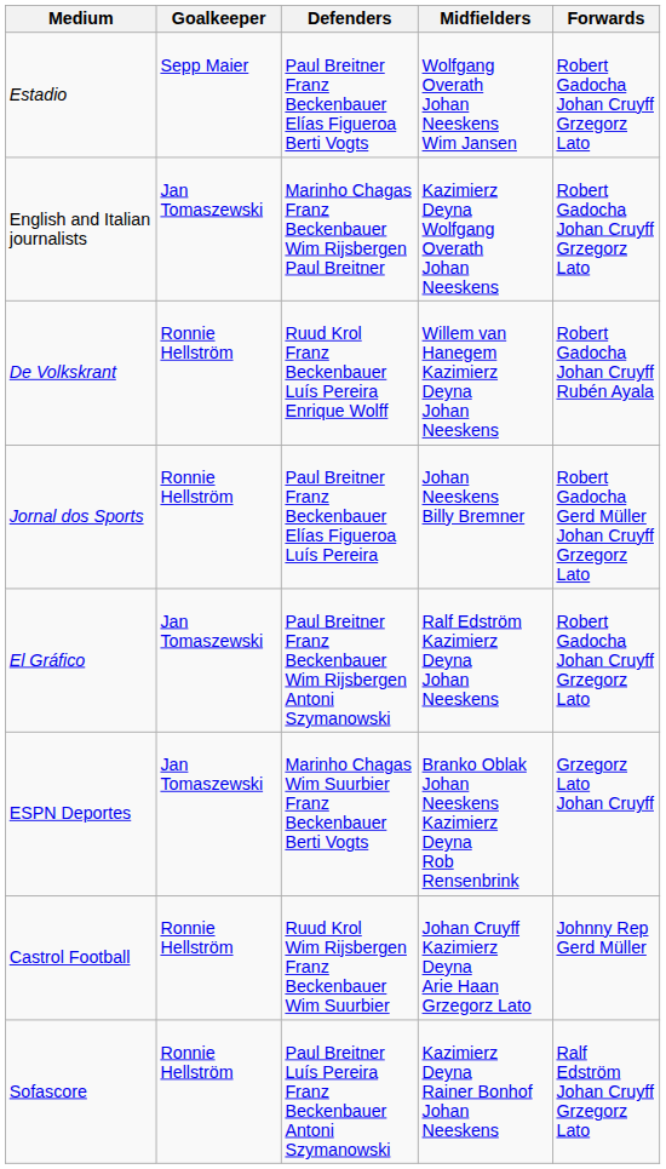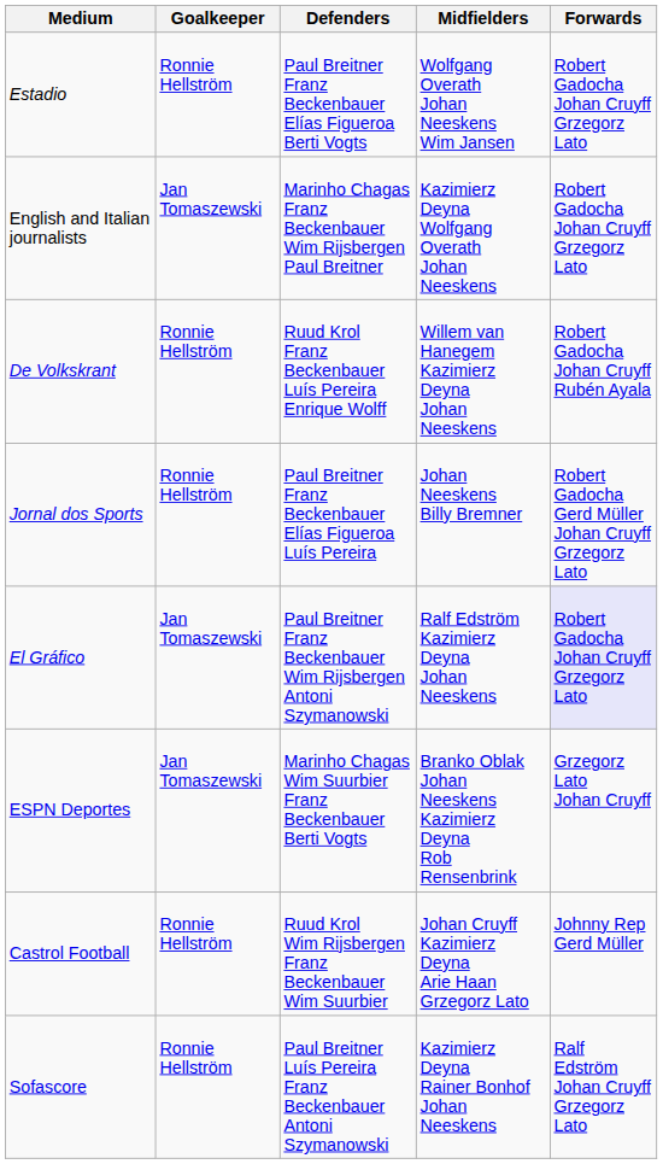 <table class="wikitable">
 <tr>
 <th>Medium</th>
 <th>Goalkeeper</th>
 <th>Defenders</th>
 <th>Midfielders</th>
 <th>Forwards</th>
 </tr>
 <tr>
 <td><em>Estadio</em></td>
-<td valign="top"><br> <a href='#'>Sepp Maier</a></td>
+<td valign="top"><br> <a href='#'>Ronnie Hellström</a></td>
 <td valign="top"><br> <a href='#'>Paul Breitner</a><br>  <a href='#'>Franz Beckenbauer</a><br>  <a href='#'>Elías Figueroa</a><br>  <a href='#'>Berti Vogts</a></td>
 <td valign="top"><br> <a href='#'>Wolfgang Overath</a><br>  <a href='#'>Johan Neeskens</a><br>  <a href='#'>Wim Jansen</a></td>
 <td valign="top"><br> <a href='#'>Robert Gadocha</a><br>  <a href='#'>Johan Cruyff</a><br>  <a href='#'>Grzegorz Lato</a></td>
 </tr>
 <tr>
 <td>English and Italian journalists</td>
 <td valign="top"><br> <a href='#'>Jan Tomaszewski</a></td>
 <td valign="top"><br> <a href='#'>Marinho Chagas</a><br>  <a href='#'>Franz Beckenbauer</a><br>  <a href='#'>Wim Rijsbergen</a><br>  <a href='#'>Paul Breitner</a></td>
 <td valign="top"><br> <a href='#'>Kazimierz Deyna</a><br>  <a href='#'>Wolfgang Overath</a><br>  <a href='#'>Johan Neeskens</a></td>
 <td valign="top"><br> <a href='#'>Robert Gadocha</a><br>  <a href='#'>Johan Cruyff</a><br>  <a href='#'>Grzegorz Lato</a></td>
 </tr>
 <tr>
 <td><em><a href='#'>De Volkskrant</a></em></td>
 <td valign="top"><br> <a href='#'>Ronnie Hellström</a></td>
 <td valign="top"><br> <a href='#'>Ruud Krol</a><br>  <a href='#'>Franz Beckenbauer</a><br>  <a href='#'>Luís Pereira</a><br>  <a href='#'>Enrique Wolff</a></td>
 <td valign="top"><br> <a href='#'>Willem van Hanegem</a><br>  <a href='#'>Kazimierz Deyna</a><br>  <a href='#'>Johan Neeskens</a></td>
 <td valign="top"><br> <a href='#'>Robert Gadocha</a><br>  <a href='#'>Johan Cruyff</a><br>  <a href='#'>Rubén Ayala</a></td>
 </tr>
 <tr>
 <td><em><a href='#'>Jornal dos Sports</a></em></td>
 <td valign="top"><br> <a href='#'>Ronnie Hellström</a></td>
 <td valign="top"><br> <a href='#'>Paul Breitner</a><br>  <a href='#'>Franz Beckenbauer</a><br>  <a href='#'>Elías Figueroa</a><br>  <a href='#'>Luís Pereira</a></td>
 <td valign="top"><br> <a href='#'>Johan Neeskens</a><br>  <a href='#'>Billy Bremner</a></td>
 <td valign="top"><br> <a href='#'>Robert Gadocha</a><br>  <a href='#'>Gerd Müller</a><br>  <a href='#'>Johan Cruyff</a><br>  <a href='#'>Grzegorz Lato</a></td>
 </tr>
 <tr>
 <td><em><a href='#'>El Gráfico</a></em></td>
 <td valign="top"><br> <a href='#'>Jan Tomaszewski</a></td>
 <td valign="top"><br> <a href='#'>Paul Breitner</a><br>  <a href='#'>Franz Beckenbauer</a><br>  <a href='#'>Wim Rijsbergen</a><br>  <a href='#'>Antoni Szymanowski</a></td>
 <td valign="top"><br> <a href='#'>Ralf Edström</a><br>  <a href='#'>Kazimierz Deyna</a><br>  <a href='#'>Johan Neeskens</a></td>
-<td valign="top"><br> <a href='#'>Robert Gadocha</a><br>  <a href='#'>Johan Cruyff</a><br>  <a href='#'>Grzegorz Lato</a></td>
+<td valign="top" style="background: lavender;"><br> <a href='#'>Robert Gadocha</a><br>  <a href='#'>Johan Cruyff</a><br>  <a href='#'>Grzegorz Lato</a></td>
 </tr>
 <tr>
 <td><a href='#'>ESPN Deportes</a></td>
 <td valign="top"><br> <a href='#'>Jan Tomaszewski</a></td>
 <td valign="top"><br> <a href='#'>Marinho Chagas</a><br>  <a href='#'>Wim Suurbier</a><br>  <a href='#'>Franz Beckenbauer</a><br>  <a href='#'>Berti Vogts</a></td>
 <td valign="top"><br> <a href='#'>Branko Oblak</a><br>  <a href='#'>Johan Neeskens</a><br>  <a href='#'>Kazimierz Deyna</a><br>  <a href='#'>Rob Rensenbrink</a></td>
 <td valign="top"><br> <a href='#'>Grzegorz Lato</a><br>  <a href='#'>Johan Cruyff</a></td>
 </tr>
 <tr>
 <td><a href='#'>Castrol Football</a></td>
 <td valign="top"><br> <a href='#'>Ronnie Hellström</a></td>
 <td valign="top"><br> <a href='#'>Ruud Krol</a><br>  <a href='#'>Wim Rijsbergen</a><br>  <a href='#'>Franz Beckenbauer</a><br>  <a href='#'>Wim Suurbier</a></td>
 <td valign="top"><br> <a href='#'>Johan Cruyff</a><br>  <a href='#'>Kazimierz Deyna</a><br>  <a href='#'>Arie Haan</a><br>  <a href='#'>Grzegorz Lato</a></td>
 <td valign="top"><br> <a href='#'>Johnny Rep</a><br>  <a href='#'>Gerd Müller</a></td>
 </tr>
 <tr>
 <td><a href='#'>Sofascore</a></td>
 <td valign="top"><br> <a href='#'>Ronnie Hellström</a></td>
 <td valign="top"><br> <a href='#'>Paul Breitner</a><br>  <a href='#'>Luís Pereira</a><br>  <a href='#'>Franz Beckenbauer</a><br>  <a href='#'>Antoni Szymanowski</a></td>
 <td valign="top"><br> <a href='#'>Kazimierz Deyna</a><br>  <a href='#'>Rainer Bonhof</a><br>  <a href='#'>Johan Neeskens</a></td>
 <td valign="top"><br> <a href='#'>Ralf Edström</a><br>  <a href='#'>Johan Cruyff</a><br>  <a href='#'>Grzegorz Lato</a></td>
 </tr>
 </table>
